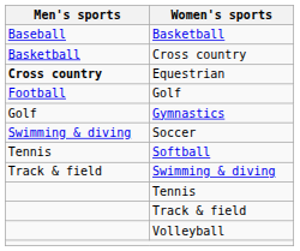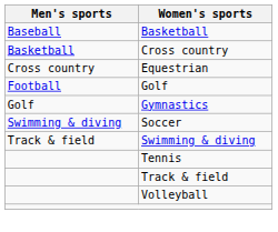 <table class="wikitable" style=" ">
 <tr>
 <th width=150px>Men's sports</th>
 <th width=150px>Women's sports</th>
 </tr>
 <tr>
 <td><a href='#'>Baseball</a></td>
 <td><a href='#'>Basketball</a></td>
 </tr>
 <tr>
 <td><a href='#'>Basketball</a></td>
 <td>Cross country</td>
 </tr>
 <tr>
-<td><strong>Cross country</strong></td>
+<td>Cross country</td>
 <td>Equestrian</td>
 </tr>
 <tr>
 <td><a href='#'>Football</a></td>
 <td>Golf</td>
 </tr>
 <tr>
 <td>Golf</td>
 <td><a href='#'>Gymnastics</a></td>
 </tr>
 <tr>
 <td><a href='#'>Swimming & diving</a></td>
 <td>Soccer</td>
-</tr>
-<tr>
-<td>Tennis</td>
-<td><a href='#'>Softball</a></td>
 </tr>
 <tr>
 <td>Track & field</td>
 <td><a href='#'>Swimming & diving</a></td>
 </tr>
 <tr>
 <td></td>
 <td>Tennis</td>
 </tr>
 <tr>
 <td></td>
 <td>Track & field</td>
 </tr>
 <tr>
 <td></td>
 <td>Volleyball</td>
 </tr>
 <tr>
 <td colspan="2"></td>
 </tr>
 </table>
